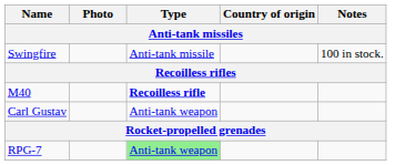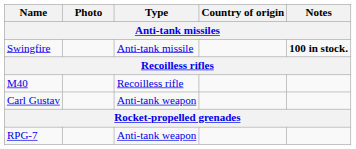 <table class="wikitable">
 <tr>
 <th>Name</th>
 <th style="width:15%;">Photo</th>
 <th>Type</th>
 <th>Country of origin</th>
 <th>Notes</th>
 </tr>
 <tr>
 <th colspan="6"><a href='#'>Anti-tank missiles</a></th>
 </tr>
 <tr>
 <td><a href='#'>Swingfire</a></td>
 <td></td>
 <td><a href='#'>Anti-tank missile</a></td>
 <td></td>
-<td>100 in stock.</td>
+<td><strong>100 in stock.</strong></td>
 </tr>
 <tr>
 <th colspan="5"><a href='#'>Recoilless rifles</a></th>
 </tr>
 <tr>
 <td><a href='#'>M40</a></td>
 <td></td>
-<td><strong><a href='#'>Recoilless rifle</a></strong></td>
+<td><a href='#'>Recoilless rifle</a></td>
 <td></td>
 <td></td>
 </tr>
 <tr>
 <td><a href='#'>Carl Gustav</a></td>
 <td></td>
 <td><a href='#'>Anti-tank weapon</a></td>
 <td></td>
 <td></td>
 </tr>
 <tr>
 <th colspan="5"><a href='#'>Rocket-propelled grenades</a></th>
 </tr>
 <tr>
 <td><a href='#'>RPG-7</a></td>
 <td></td>
-<td style="background: lightgreen;"><a href='#'>Anti-tank weapon</a></td>
+<td><a href='#'>Anti-tank weapon</a></td>
 <td> <br></td>
 <td></td>
 </tr>
 </table>
